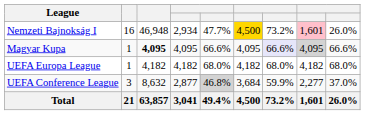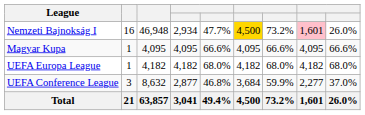 <table class="wikitable sortable" style="text-align:center; font-size:85%;">
 <tr>
 <th rowspan="2">League</th>
 <th rowspan="2"></th>
 <th rowspan="2"></th>
 <th colspan="2"></th>
 <th colspan="2"></th>
 <th colspan="2"></th>
 </tr>
 <tr>
 <th></th>
 <th></th>
 <th></th>
 <th></th>
 <th></th>
 <th></th>
 </tr>
 <tr bgcolor="white">
 <td align=left><a href='#'>Nemzeti Bajnokság I</a></td>
 <td>16</td>
 <td>46,948</td>
 <td>2,934</td>
 <td>47.7%</td>
 <td style="background-color: gold;">4,500</td>
 <td>73.2%</td>
 <td style="background-color: pink;">1,601</td>
 <td>26.0%</td>
 </tr>
 <tr>
 <td align=left><a href='#'>Magyar Kupa</a></td>
 <td>1</td>
-<td><strong>4,095</strong></td>
+<td>4,095</td>
 <td>4,095</td>
 <td>66.6%</td>
 <td>4,095</td>
-<td style="background: lavender;">66.6%</td>
-<td style="background: lightgrey;">4,095</td>
+<td>66.6%</td>
+<td>4,095</td>
 <td>66.6%</td>
 </tr>
 <tr bgcolor="white">
 <td align=left><a href='#'>UEFA Europa League</a></td>
 <td>1</td>
 <td>4,182</td>
 <td>4,182</td>
 <td>68.0%</td>
 <td>4,182</td>
 <td>68.0%</td>
 <td>4,182</td>
 <td>68.0%</td>
 </tr>
 <tr>
 <td align=left><a href='#'>UEFA Conference League</a></td>
 <td>3</td>
 <td>8,632</td>
 <td>2,877</td>
-<td style="background: lightgrey;">46.8%</td>
+<td>46.8%</td>
 <td>3,684</td>
 <td>59.9%</td>
 <td>2,277</td>
 <td>37.0%</td>
 </tr>
 <tr>
 <th>Total</th>
 <th>21</th>
 <th>63,857</th>
 <th>3,041</th>
 <th>49.4%</th>
 <th>4,500</th>
 <th>73.2%</th>
 <th>1,601</th>
 <th>26.0%</th>
 </tr>
 </table>
